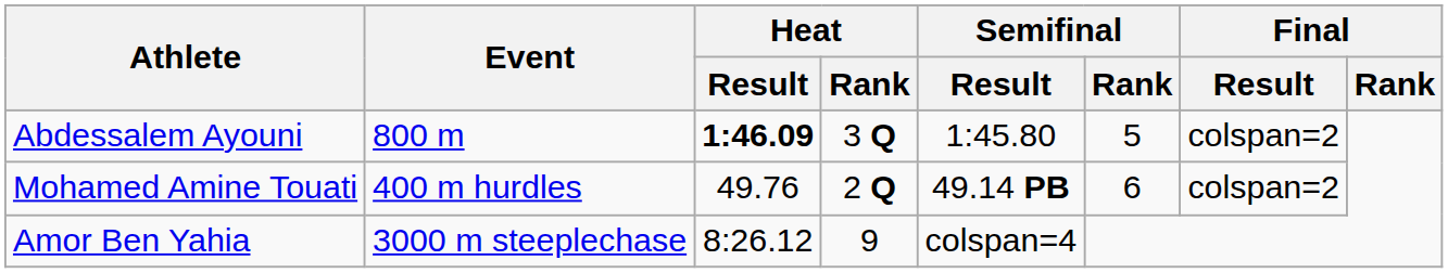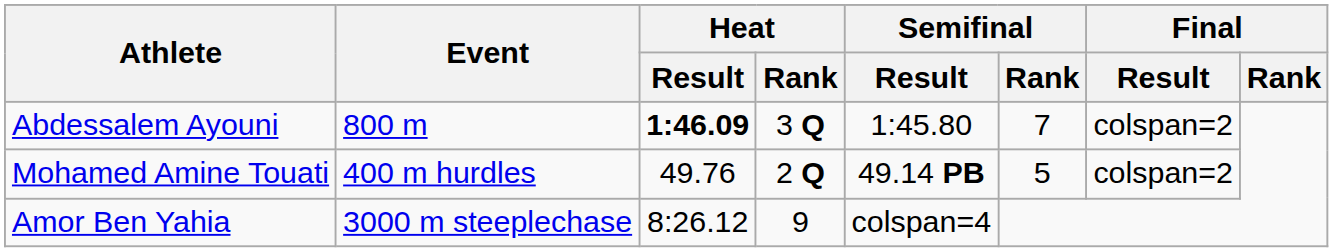 <table class="wikitable">
 <tr>
 <th rowspan="2">Athlete</th>
 <th rowspan="2">Event</th>
 <th colspan="2">Heat</th>
 <th colspan="2">Semifinal</th>
 <th colspan="2">Final</th>
 </tr>
 <tr>
 <th>Result</th>
 <th>Rank</th>
 <th>Result</th>
 <th>Rank</th>
 <th>Result</th>
 <th>Rank</th>
 </tr>
 <tr style=text-align:center>
 <td style=text-align:left><a href='#'>Abdessalem Ayouni</a></td>
 <td style=text-align:left><a href='#'>800 m</a></td>
 <td><strong>1:46.09</strong></td>
 <td>3 <strong>Q</strong></td>
 <td>1:45.80</td>
-<td>5</td>
+<td>7</td>
 <td>colspan=2 </td>
 </tr>
 <tr style=text-align:center>
 <td style=text-align:left><a href='#'>Mohamed Amine Touati</a></td>
 <td style=text-align:left><a href='#'>400 m hurdles</a></td>
 <td>49.76</td>
 <td>2 <strong>Q</strong></td>
 <td>49.14 <strong>PB</strong></td>
-<td>6</td>
+<td>5</td>
 <td>colspan=2 </td>
 </tr>
 <tr style=text-align:center>
 <td style=text-align:left><a href='#'>Amor Ben Yahia</a></td>
 <td style=text-align:left><a href='#'>3000 m steeplechase</a></td>
 <td>8:26.12</td>
 <td>9</td>
 <td>colspan=4 </td>
 </tr>
 </table>
